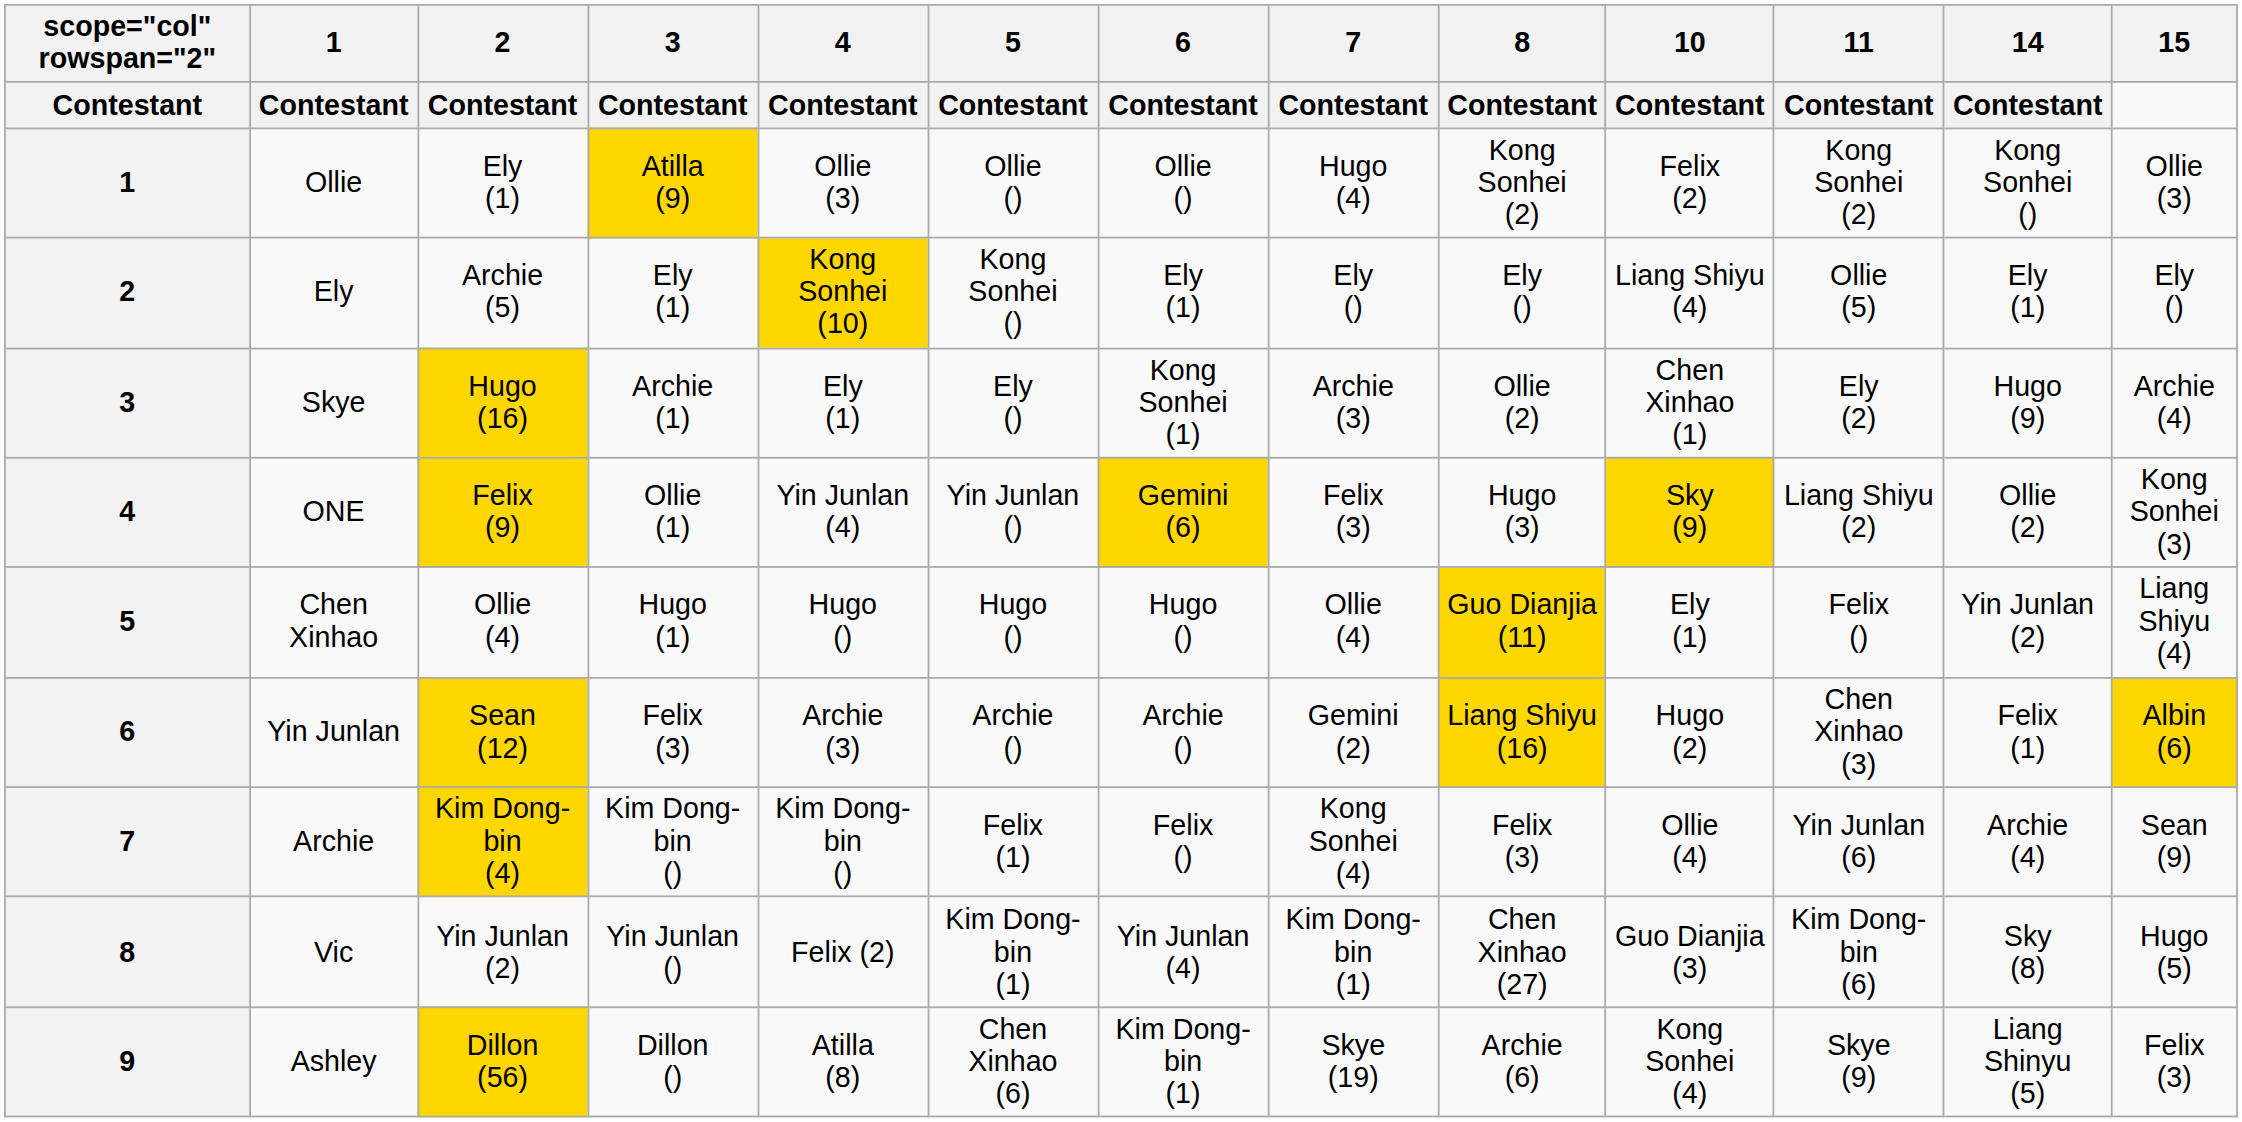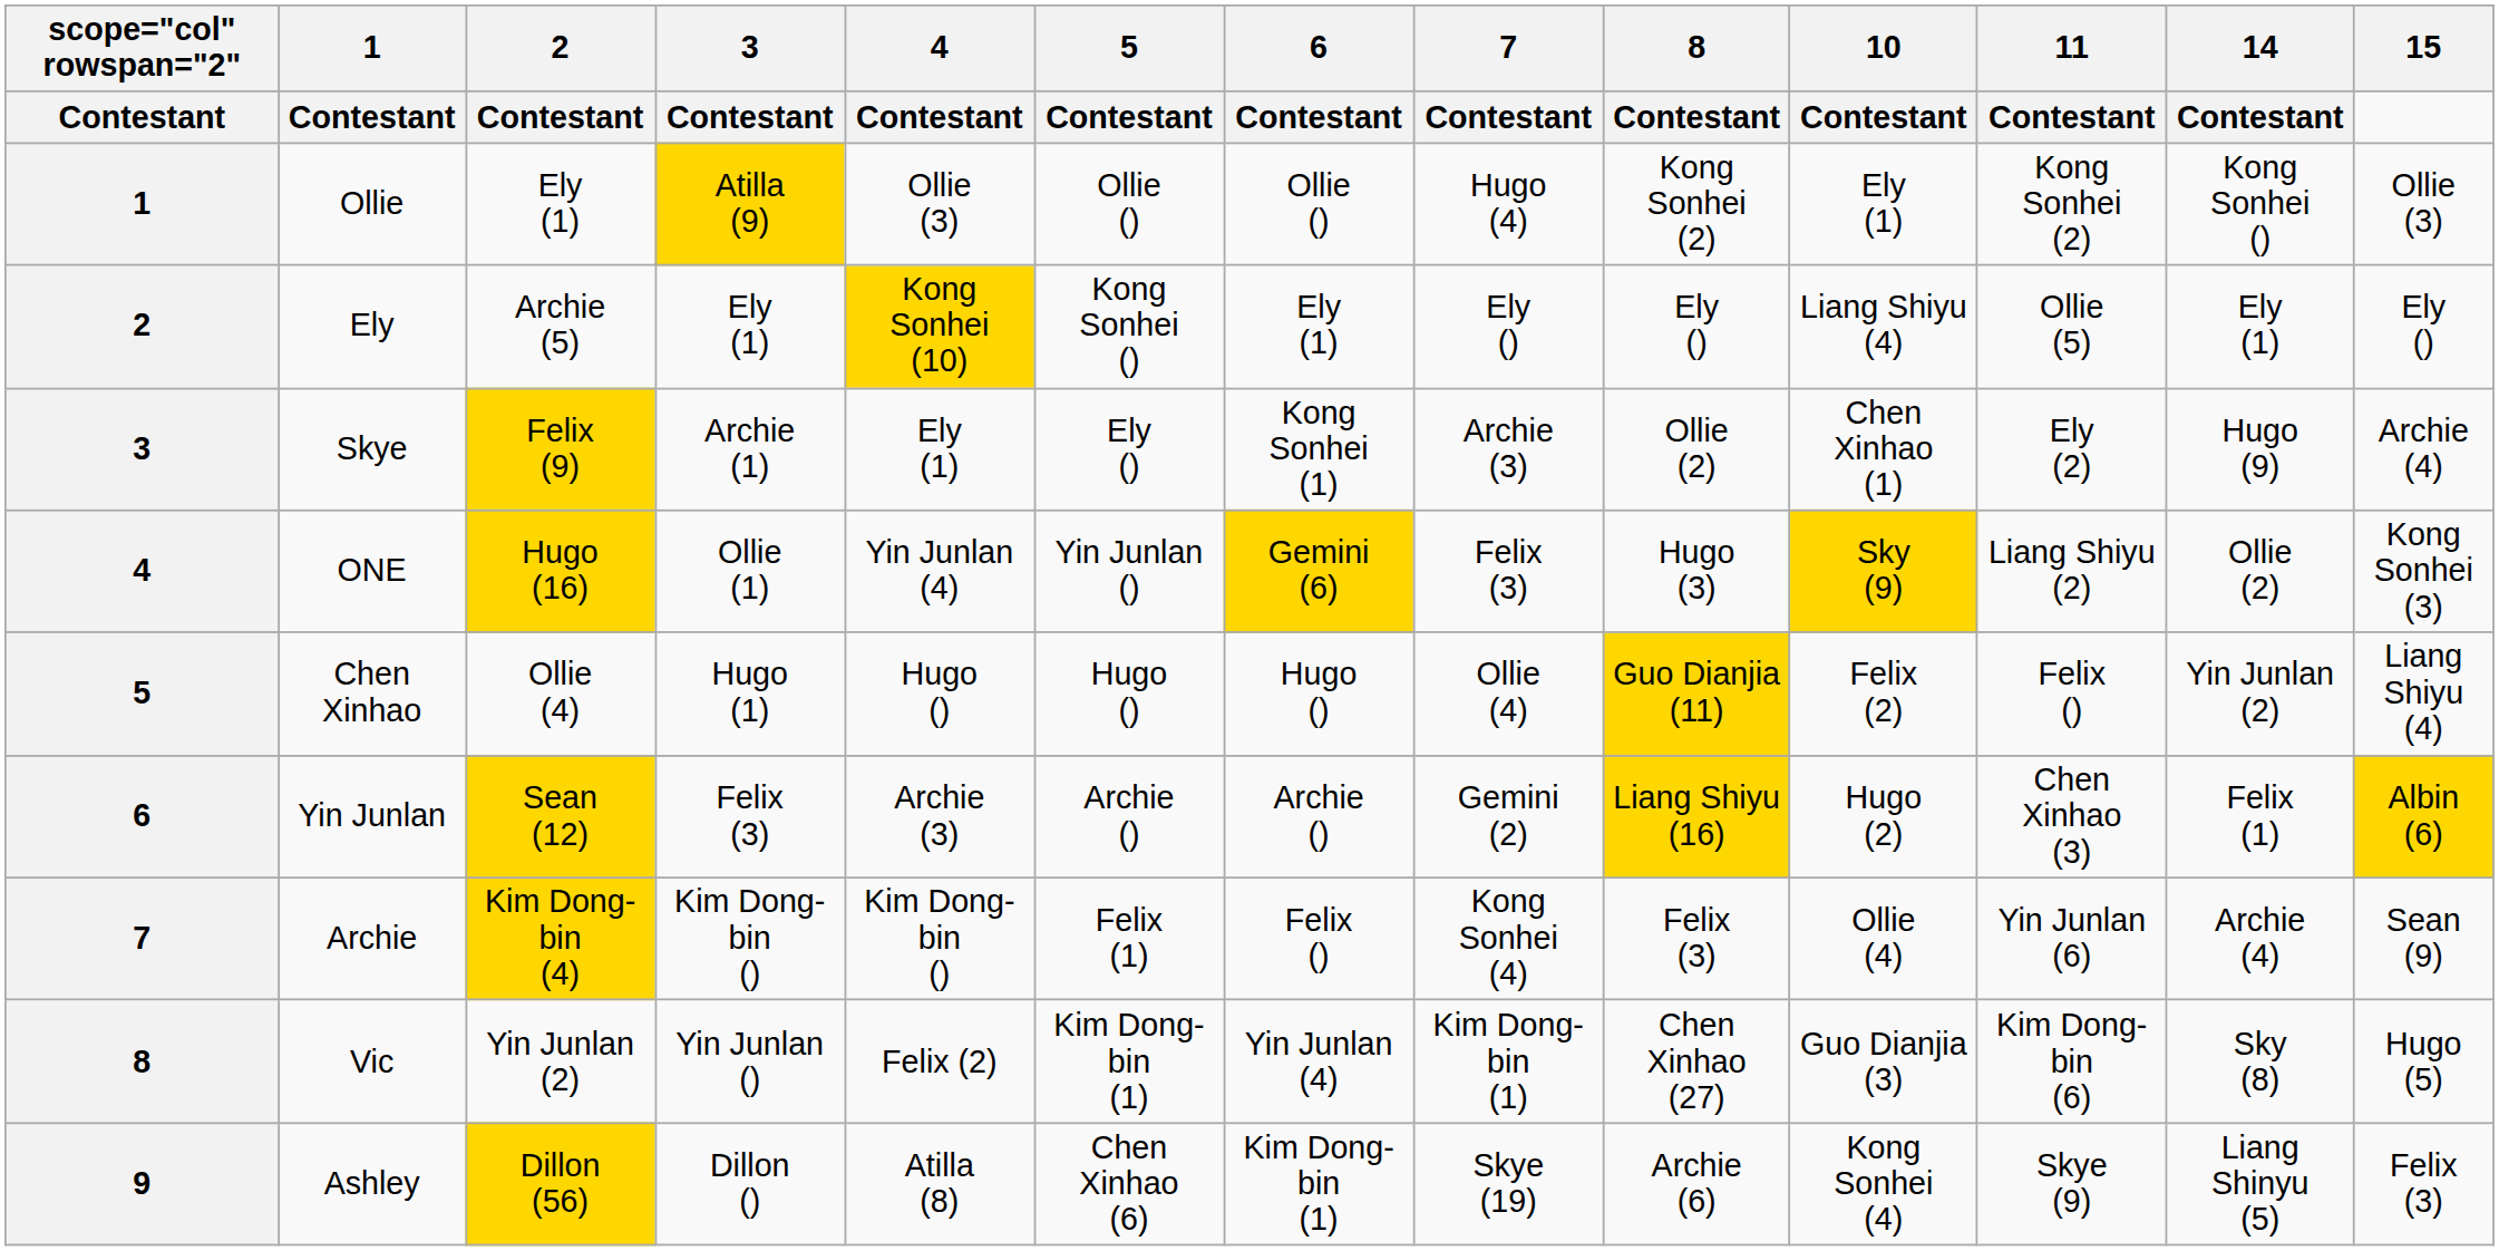 <table class="wikitable sortable" style="text-align:center">
 <tr>
 <th>scope="col" rowspan="2" </th>
 <th scope="col" colspan="1" class="unsortable">1</th>
 <th scope="col" colspan="1" class="unsortable">2</th>
 <th scope="col" colspan="1" class="unsortable">3</th>
 <th scope="col" colspan="1" class="unsortable">4</th>
 <th scope="col" colspan="1" class="unsortable">5</th>
 <th scope="col" colspan="1" class="unsortable">6</th>
 <th scope="col" colspan="1" class="unsortable">7</th>
 <th scope="col" colspan="1" class="unsortable">8</th>
 <th scope="col" colspan="1" class="unsortable">10</th>
 <th scope="col" colspan="1" class="unsortable">11</th>
 <th scope="col" colspan="1" class="unsortable">14</th>
 <th scope="col" colspan="1" class="unsortable">15</th>
 </tr>
 <tr>
 <th>Contestant</th>
 <th>Contestant</th>
 <th>Contestant</th>
 <th>Contestant</th>
 <th>Contestant</th>
 <th>Contestant</th>
 <th>Contestant</th>
 <th>Contestant</th>
 <th>Contestant</th>
 <th>Contestant</th>
 <th>Contestant</th>
 <th>Contestant</th>
 </tr>
 <tr>
 <th scope="row">1</th>
 <td>Ollie</td>
 <td>Ely <br>(1)</td>
 <td style="background:#FFD700;">Atilla <br>(9)</td>
 <td>Ollie <br>(3)</td>
 <td>Ollie <br>()</td>
 <td>Ollie <br>()</td>
 <td>Hugo <br>(4)</td>
 <td>Kong Sonhei <br> (2)</td>
-<td>Felix <br>(2)</td>
+<td>Ely <br>(1)</td>
 <td>Kong Sonhei <br>(2)</td>
 <td>Kong Sonhei <br>()</td>
 <td>Ollie <br>(3)</td>
 </tr>
 <tr>
 <th scope="row">2</th>
 <td>Ely</td>
 <td>Archie <br>(5)</td>
 <td>Ely <br>(1)</td>
 <td style="background:#FFD700;">Kong Sonhei <br>(10)</td>
 <td>Kong Sonhei <br>()</td>
 <td>Ely <br>(1)</td>
 <td>Ely <br>()</td>
 <td>Ely <br>()</td>
 <td>Liang Shiyu <br>(4)</td>
 <td>Ollie <br>(5)</td>
 <td>Ely <br>(1)</td>
 <td>Ely <br>()</td>
 </tr>
 <tr>
 <th scope="row">3</th>
 <td>Skye</td>
-<td style="background:#FFD700;">Hugo <br>(16)</td>
+<td style="background:#FFD700;">Felix <br>(9)</td>
 <td>Archie <br>(1)</td>
 <td>Ely <br>(1)</td>
 <td>Ely <br>()</td>
 <td>Kong Sonhei <br>(1)</td>
 <td>Archie <br>(3)</td>
 <td>Ollie <br>(2)</td>
 <td>Chen Xinhao <br>(1)</td>
 <td>Ely <br>(2)</td>
 <td>Hugo <br>(9)</td>
 <td>Archie <br>(4)</td>
 </tr>
 <tr>
 <th scope="row">4</th>
 <td>ONE</td>
-<td style="background:#FFD700;">Felix <br>(9)</td>
+<td style="background:#FFD700;">Hugo <br>(16)</td>
 <td>Ollie <br>(1)</td>
 <td>Yin Junlan <br>(4)</td>
 <td>Yin Junlan <br>()</td>
 <td style="background:#FFD700;">Gemini <br>(6)</td>
 <td>Felix <br>(3)</td>
 <td>Hugo <br>(3)</td>
 <td style="background:#FFD700;">Sky <br>(9)</td>
 <td>Liang Shiyu <br>(2)</td>
 <td>Ollie <br>(2)</td>
 <td>Kong Sonhei <br>(3)</td>
 </tr>
 <tr>
 <th scope="row">5</th>
 <td>Chen Xinhao</td>
 <td>Ollie <br>(4)</td>
 <td>Hugo <br>(1)</td>
 <td>Hugo <br>()</td>
 <td>Hugo <br>()</td>
 <td>Hugo <br>()</td>
 <td>Ollie <br>(4)</td>
 <td style="background:#FFD700;">Guo Dianjia <br>(11)</td>
-<td>Ely <br>(1)</td>
+<td>Felix <br>(2)</td>
 <td>Felix <br>()</td>
 <td>Yin Junlan <br>(2)</td>
 <td>Liang Shiyu <br>(4)</td>
 </tr>
 <tr>
 <th scope="row">6</th>
 <td>Yin Junlan</td>
 <td style="background:#FFD700;">Sean <br>(12)</td>
 <td>Felix <br>(3)</td>
 <td>Archie <br>(3)</td>
 <td>Archie <br>()</td>
 <td>Archie <br>()</td>
 <td>Gemini <br>(2)</td>
 <td style="background:#FFD700;">Liang Shiyu <br>(16)</td>
 <td>Hugo <br>(2)</td>
 <td>Chen Xinhao <br>(3)</td>
 <td>Felix <br>(1)</td>
 <td style="background:#FFD700;">Albin <br>(6)</td>
 </tr>
 <tr>
 <th scope="row">7</th>
 <td>Archie</td>
 <td style="background:#FFD700;">Kim Dong-bin <br>(4)</td>
 <td>Kim Dong-bin <br>()</td>
 <td>Kim Dong-bin <br>()</td>
 <td>Felix <br>(1)</td>
 <td>Felix <br>()</td>
 <td>Kong Sonhei <br>(4)</td>
 <td>Felix <br>(3)</td>
 <td>Ollie <br>(4)</td>
 <td>Yin Junlan <br>(6)</td>
 <td>Archie <br>(4)</td>
 <td>Sean <br>(9)</td>
 </tr>
 <tr>
 <th scope="row">8</th>
 <td>Vic</td>
 <td>Yin Junlan <br>(2)</td>
 <td>Yin Junlan <br>()</td>
 <td>Felix (2)</td>
 <td>Kim Dong-bin <br>(1)</td>
 <td>Yin Junlan <br>(4)</td>
 <td>Kim Dong-bin <br>(1)</td>
 <td>Chen Xinhao <br>(27)</td>
 <td>Guo Dianjia <br>(3)</td>
 <td>Kim Dong-bin <br>(6)</td>
 <td>Sky <br>(8)</td>
 <td>Hugo <br>(5)</td>
 </tr>
 <tr>
 <th scope="row">9</th>
 <td>Ashley</td>
 <td style="background:#FFD700;">Dillon <br>(56)</td>
 <td>Dillon <br>()</td>
 <td>Atilla <br>(8)</td>
 <td>Chen Xinhao <br>(6)</td>
 <td>Kim Dong-bin <br>(1)</td>
 <td>Skye <br>(19)</td>
 <td>Archie <br>(6)</td>
 <td>Kong Sonhei <br>(4)</td>
 <td>Skye <br>(9)</td>
 <td>Liang Shinyu <br>(5)</td>
 <td>Felix <br>(3)</td>
 </tr>
 </table>
